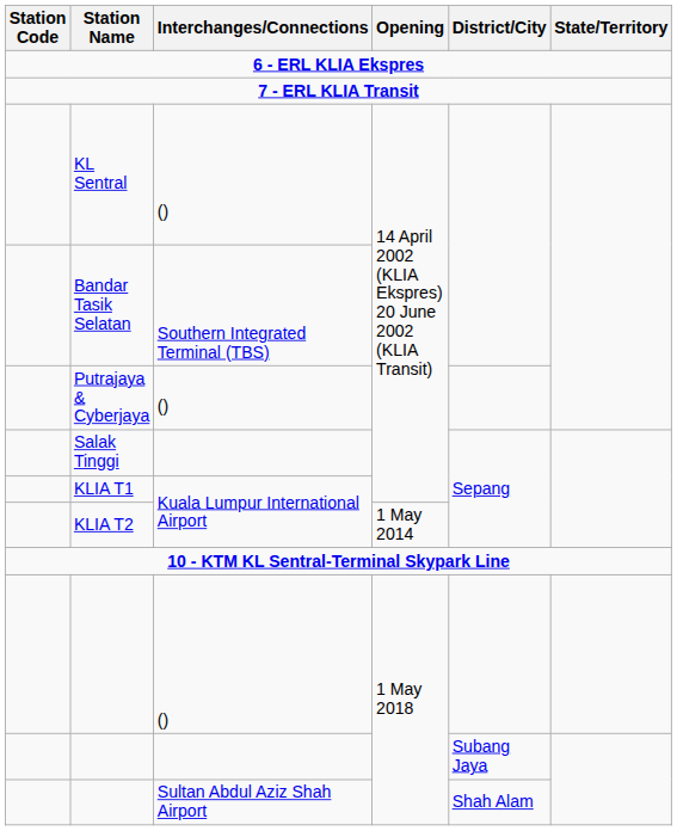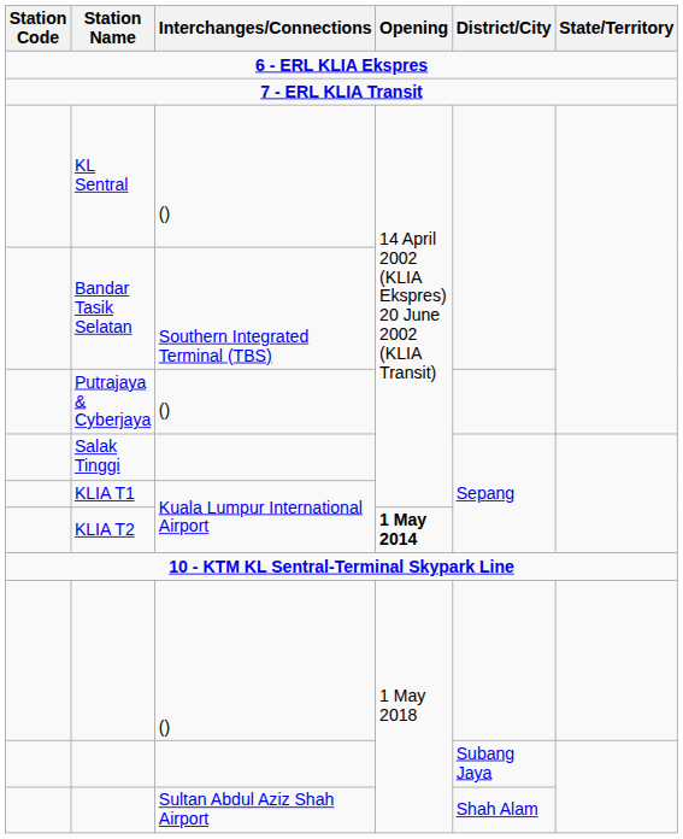 <table class="wikitable" style="margin: 1em auto 1em auto;">
 <tr>
 <th>Station Code</th>
 <th>Station Name</th>
 <th>Interchanges/Connections</th>
 <th>Opening</th>
 <th>District/City</th>
 <th>State/Territory</th>
 </tr>
 <tr>
 <td colspan="6" align="center"><strong><a href='#'><span>6 - ERL KLIA Ekspres</span></a></strong></td>
 </tr>
 <tr>
 <td colspan="6" align="center"><strong><a href='#'><span>7 - ERL KLIA Transit</span></a></strong></td>
 </tr>
 <tr>
 <td></td>
 <td><a href='#'>KL Sentral</a></td>
 <td><br><br><br><br><br> ()<br><br> </td>
 <td rowspan="5">14 April 2002 (KLIA Ekspres)<br>20 June 2002 (KLIA Transit)</td>
 <td rowspan="2"></td>
 <td rowspan="3"></td>
 </tr>
 <tr>
 <td></td>
 <td><a href='#'>Bandar Tasik Selatan</a></td>
 <td><br><br><br> <br> <a href='#'>Southern Integrated Terminal (TBS)</a></td>
 </tr>
 <tr>
 <td></td>
 <td><a href='#'>Putrajaya & Cyberjaya</a></td>
 <td><br> ()</td>
 <td></td>
 </tr>
 <tr>
 <td></td>
 <td><a href='#'>Salak Tinggi</a></td>
 <td></td>
 <td rowspan="3"><a href='#'>Sepang</a></td>
 <td rowspan="3"></td>
 </tr>
 <tr>
 <td></td>
 <td><a href='#'>KLIA T1</a></td>
 <td rowspan="2"> <a href='#'>Kuala Lumpur International Airport</a></td>
 </tr>
 <tr>
 <td></td>
 <td><a href='#'>KLIA T2</a></td>
-<td>1 May 2014</td>
+<td><strong>1 May 2014</strong></td>
 </tr>
 <tr>
 <td colspan="6" align="center"><strong><a href='#'><span>10 - KTM KL Sentral-Terminal Skypark Line</span></a></strong></td>
 </tr>
 <tr>
 <td></td>
 <td></td>
 <td><br><br><br><br><br><br><br> ()<br> </td>
 <td rowspan="3">1 May 2018</td>
 <td></td>
 <td></td>
 </tr>
 <tr>
 <td></td>
 <td></td>
 <td><br><br></td>
 <td><a href='#'>Subang Jaya</a></td>
 <td rowspan="2"></td>
 </tr>
 <tr>
 <td></td>
 <td></td>
 <td> <a href='#'>Sultan Abdul Aziz Shah Airport</a></td>
 <td><a href='#'>Shah Alam</a></td>
 </tr>
 </table>
